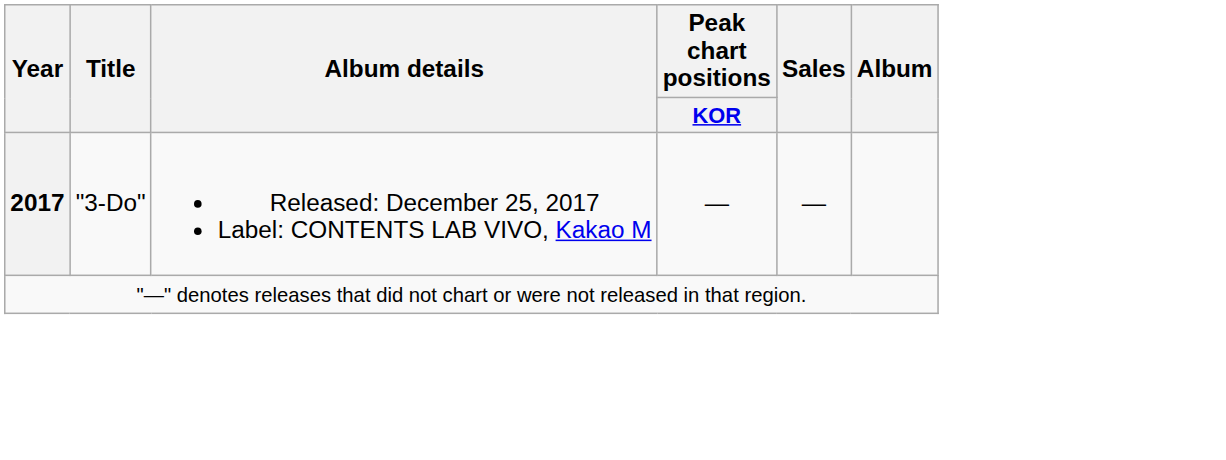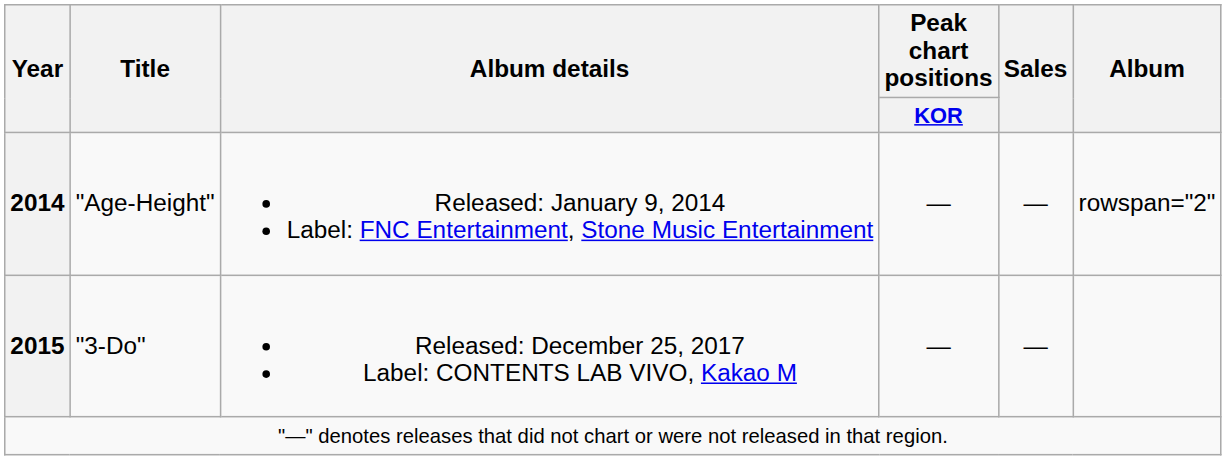 <table class="wikitable plainrowheaders" style="text-align:center">
 <tr>
 <th scope="col" rowspan="2">Year</th>
 <th scope="col" rowspan="2">Title</th>
 <th scope="col" rowspan="2">Album details</th>
 <th scope="col" colspan="1">Peak chart<br>positions</th>
 <th scope="col" rowspan="2">Sales</th>
 <th scope="col" rowspan="2">Album</th>
 </tr>
 <tr>
 <th scope="col" style="width:3em;font-size:90%;"><a href='#'>KOR</a><br></th>
 </tr>
 <tr>
-<th>2017</th>
+<th>2014</th>
+<td align="left">"Age-Height" <br></td>
+<td><br><ul><li>Released: January 9, 2014</li><li>Label: <a href='#'>FNC Entertainment</a>, <a href='#'>Stone Music Entertainment</a></li></ul></td>
+<td>—</td>
+<td>—</td>
+<td>rowspan="2" </td>
+</tr>
+<tr>
+<th>2015</th>
 <td align="left">"3-Do" <br></td>
 <td><br><ul><li>Released: December 25, 2017</li><li>Label: CONTENTS LAB VIVO, <a href='#'>Kakao M</a></li></ul></td>
 <td>—</td>
 <td>—</td>
 </tr>
 <tr>
 <td colspan="6"><small>"—" denotes releases that did not chart or were not released in that region.</small></td>
 </tr>
 </table>
